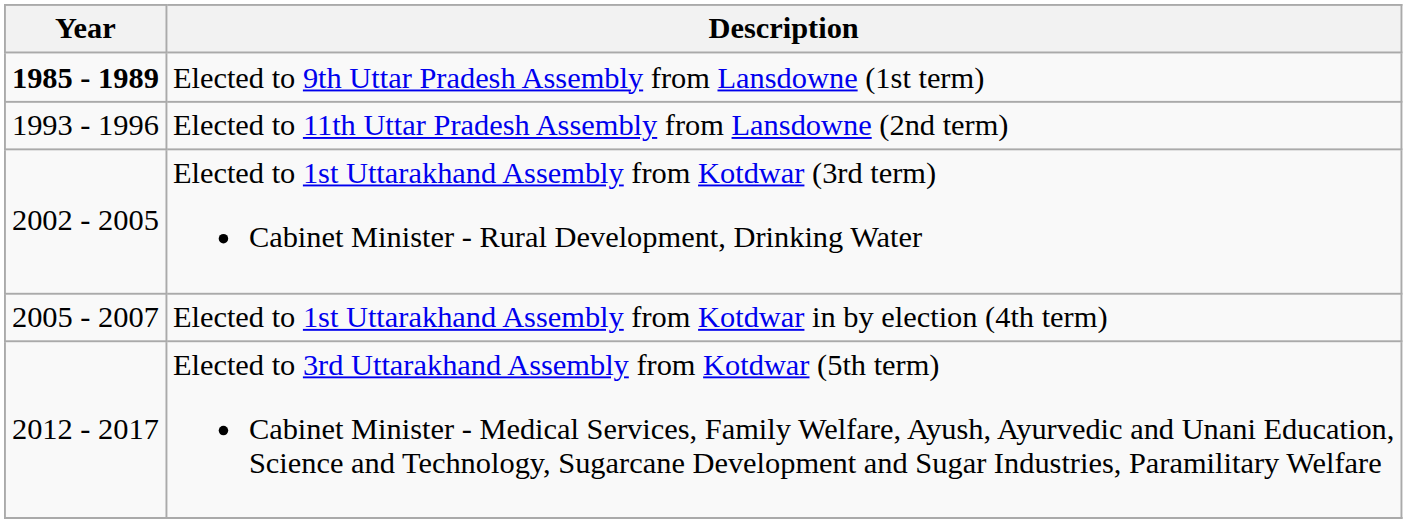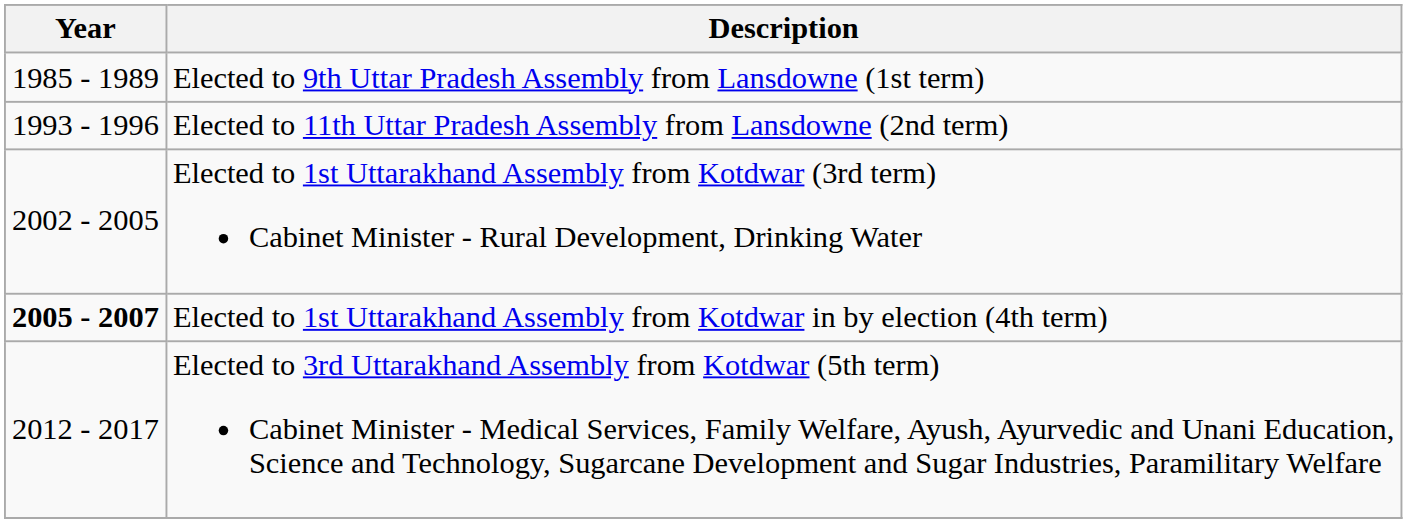 <table class="wikitable">
 <tr>
 <th>Year</th>
 <th>Description</th>
 </tr>
 <tr>
-<td><strong>1985 - 1989</strong></td>
+<td>1985 - 1989</td>
 <td>Elected to <a href='#'>9th Uttar Pradesh Assembly</a> from <a href='#'>Lansdowne</a> (1st term)</td>
 </tr>
 <tr>
 <td>1993 - 1996</td>
 <td>Elected to <a href='#'>11th Uttar Pradesh Assembly</a> from <a href='#'>Lansdowne</a> (2nd term)</td>
 </tr>
 <tr>
 <td>2002 - 2005</td>
 <td>Elected to <a href='#'>1st Uttarakhand Assembly</a> from <a href='#'>Kotdwar</a> (3rd term)<br><ul><li>Cabinet Minister - Rural Development, Drinking Water</li></ul></td>
 </tr>
 <tr>
-<td>2005 - 2007</td>
+<td><strong>2005 - 2007</strong></td>
 <td>Elected to <a href='#'>1st Uttarakhand Assembly</a> from <a href='#'>Kotdwar</a> in by election (4th term)</td>
 </tr>
 <tr>
 <td>2012 - 2017</td>
 <td>Elected to <a href='#'>3rd Uttarakhand Assembly</a> from <a href='#'>Kotdwar</a> (5th term)<br><ul><li>Cabinet Minister - Medical Services, Family Welfare, Ayush, Ayurvedic and Unani Education,<br>Science and Technology, Sugarcane Development and Sugar Industries, Paramilitary Welfare</li></ul></td>
 </tr>
 <tr>
 </tr>
 </table>
